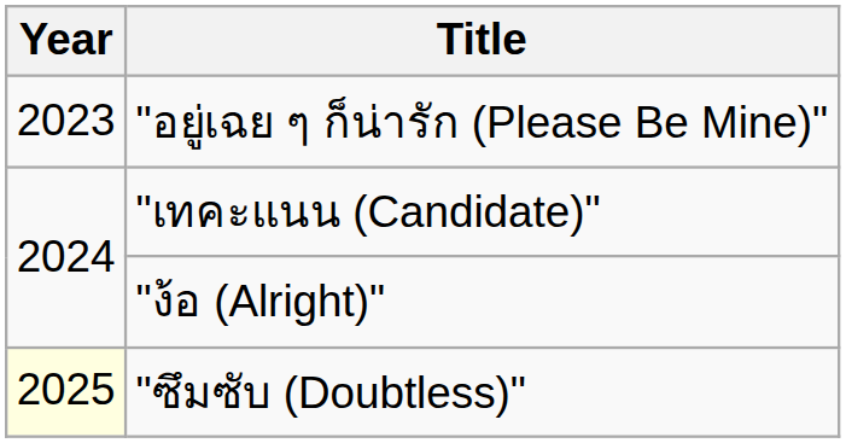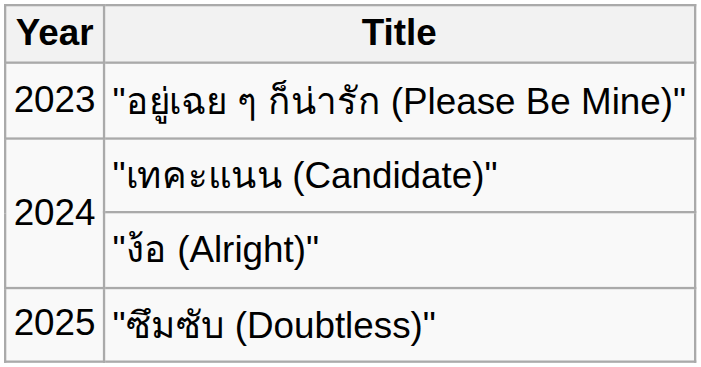 <table class="wikitable sortable">
 <tr>
 <th scope="col">Year</th>
 <th scope="col">Title</th>
 </tr>
 <tr>
 <td>2023</td>
 <td>"อยู่เฉย ๆ ก็น่ารัก (Please Be Mine)"</td>
 </tr>
 <tr>
 <td rowspan="2">2024</td>
 <td>"เทคะแนน (Candidate)"</td>
 </tr>
 <tr>
 <td>"ง้อ (Alright)"</td>
 </tr>
 <tr>
-<td style="background: lightyellow;">2025</td>
+<td>2025</td>
 <td>"ซึมซับ (Doubtless)"</td>
 </tr>
 </table>
